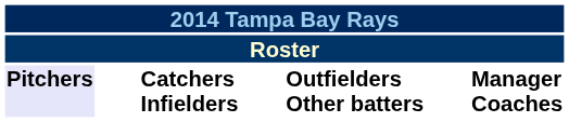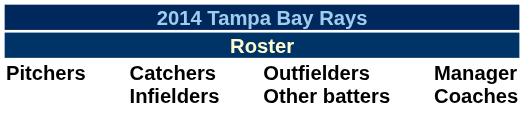 <table class="toccolours" style="font-size: 95%;">
 <tr>
 <th colspan="10" style="background:#00285d; color:#9eceee; text-align:center;">2014 Tampa Bay Rays</th>
 </tr>
 <tr>
 <td colspan="10" style="background:#036; color:#fffdd0; text-align:center;"><strong>Roster</strong></td>
 </tr>
 <tr>
-<td valign="top" style="background: lavender;"><strong>Pitchers</strong><br>                      </td>
+<td valign="top"><strong>Pitchers</strong><br>                      </td>
 <td style="width:25px;"></td>
 <td valign="top"><strong>Catchers</strong><br>    <strong>Infielders</strong>        </td>
 <td style="width:25px;"></td>
 <td valign="top"><strong>Outfielders</strong><br>      <strong>Other batters</strong>  </td>
 <td style="width:25px;"></td>
 <td valign="top"><strong>Manager</strong><br> <strong>Coaches</strong>                </td>
 </tr>
 </table>
